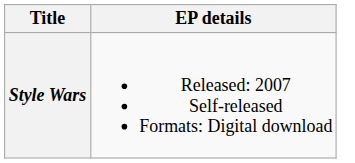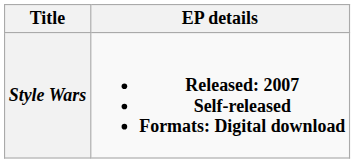 <table class="wikitable plainrowheaders" style="text-align:center;">
 <tr>
 <th scope="col">Title</th>
 <th scope="col">EP details</th>
 </tr>
 <tr>
 <th scope="row"><em>Style Wars</em></th>
-<td><br><ul><li>Released: 2007</li><li>Self-released</li><li>Formats: Digital download</li></ul></td>
+<td><strong><br><ul><li>Released: 2007</li><li>Self-released</li><li>Formats: Digital download</li></ul></strong></td>
 </tr>
 </table>
